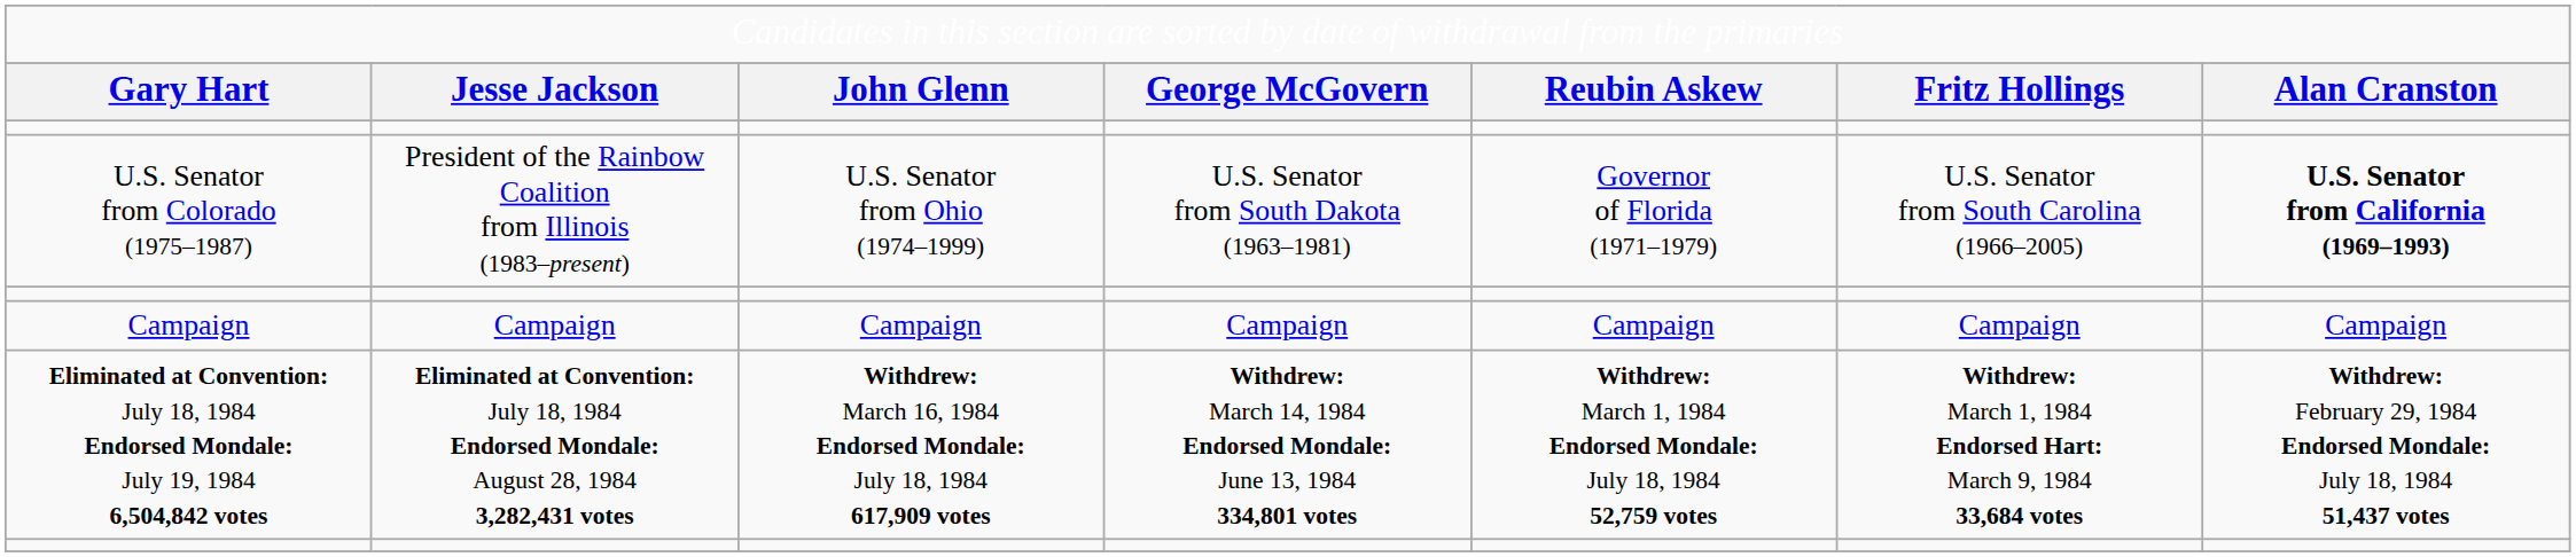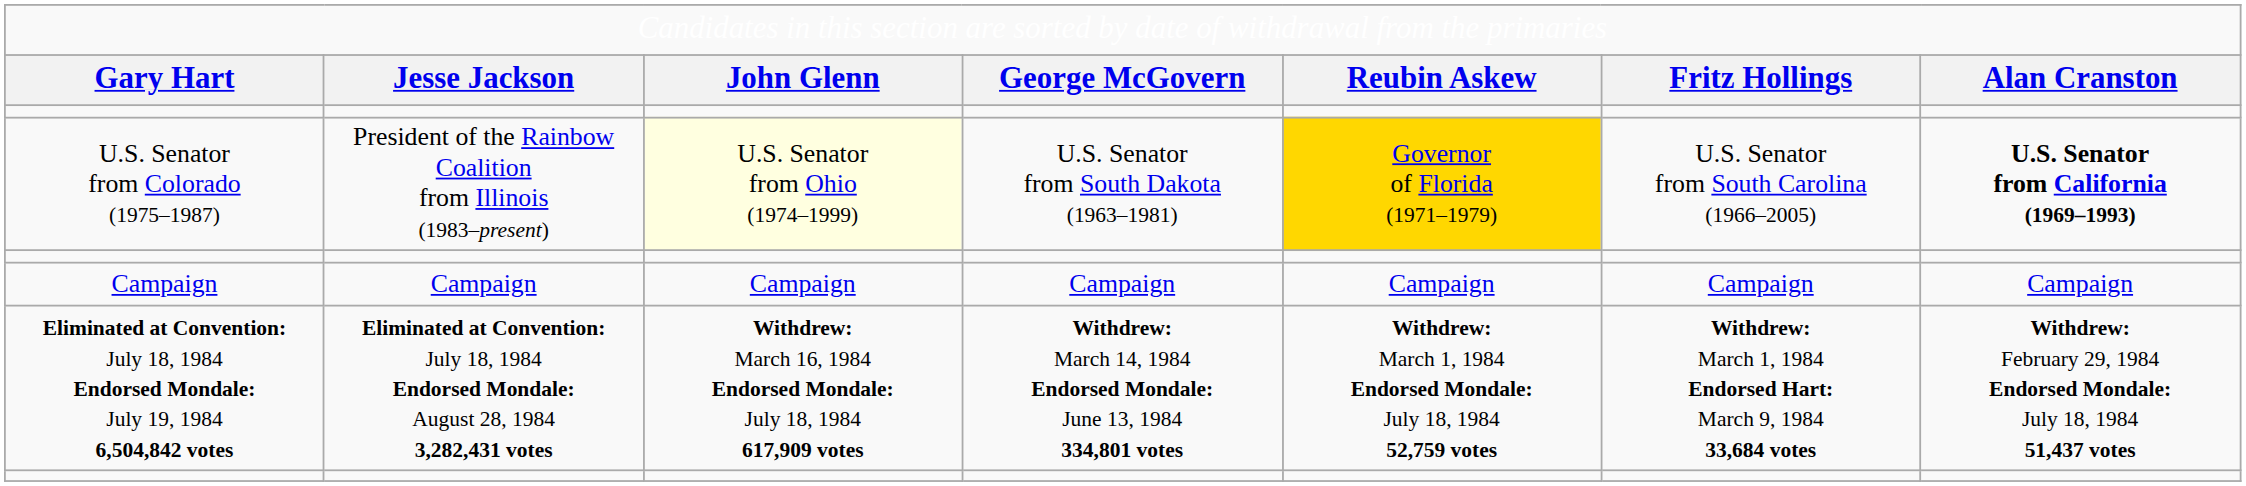 <table class="wikitable mw-collapsible" style="font-size:90%;">
 <tr>
 <td colspan="9" style="text-align:center; width:700px; font-size:120%; color:white; background:"><em>Candidates in this section are sorted by date of withdrawal from the primaries</em></td>
 </tr>
 <tr style="text-align:center">
 <th scope="col" style="width:10em; font-size:120%;"><a href='#'>Gary Hart</a></th>
 <th scope="col" style="width:10em; font-size:120%;"><a href='#'>Jesse Jackson</a></th>
 <th scope="col" style="width:10em; font-size:120%;"><a href='#'>John Glenn</a></th>
 <th scope="col" style="width:10em; font-size:120%;"><a href='#'>George McGovern</a></th>
 <th scope="col" style="width:10em; font-size:120%;"><a href='#'>Reubin Askew</a></th>
 <th scope="col" style="width:10em; font-size:120%;"><a href='#'>Fritz Hollings</a></th>
 <th scope="col" style="width:10em; font-size:120%;"><a href='#'>Alan Cranston</a></th>
 </tr>
 <tr style="text-align:center">
 <td></td>
 <td></td>
 <td></td>
 <td></td>
 <td></td>
 <td></td>
 <td></td>
 </tr>
 <tr style="text-align:center">
 <td>U.S. Senator<br>from <a href='#'>Colorado</a><br><small>(1975–1987)</small></td>
 <td>President of the <a href='#'>Rainbow Coalition</a><br>from <a href='#'>Illinois</a><br> <small>(1983–<em>present</em>) </small></td>
-<td>U.S. Senator<br>from <a href='#'>Ohio</a><br><small>(1974–1999)</small></td>
+<td style="background: lightyellow;">U.S. Senator<br>from <a href='#'>Ohio</a><br><small>(1974–1999)</small></td>
 <td>U.S. Senator<br>from <a href='#'>South Dakota</a><br><small>(1963–1981)</small></td>
-<td><a href='#'>Governor</a><br>of <a href='#'>Florida</a><br><small>(1971–1979)</small></td>
+<td style="background: gold;"><a href='#'>Governor</a><br>of <a href='#'>Florida</a><br><small>(1971–1979)</small></td>
 <td>U.S. Senator<br>from <a href='#'>South Carolina</a><br><small>(1966–2005)</small></td>
 <td><strong>U.S. Senator<br>from <a href='#'>California</a><br><small>(1969–1993)</small></strong></td>
 </tr>
 <tr style="text-align:center">
 <td></td>
 <td></td>
 <td></td>
 <td></td>
 <td></td>
 <td></td>
 <td></td>
 </tr>
 <tr style="text-align:center">
 <td><a href='#'>Campaign</a></td>
 <td><a href='#'>Campaign</a></td>
 <td><a href='#'>Campaign</a></td>
 <td><a href='#'>Campaign</a></td>
 <td><a href='#'>Campaign</a></td>
 <td><a href='#'>Campaign</a></td>
 <td><a href='#'>Campaign</a></td>
 </tr>
 <tr style="text-align:center">
 <td><small><strong>Eliminated at Convention:</strong><br>July 18, 1984</small><br><small><strong>Endorsed Mondale:</strong><br>July 19, 1984</small><br><strong><small>6,504,842 votes</small></strong></td>
 <td><small><strong>Eliminated at Convention:</strong><br>July 18, 1984</small><br><small><strong>Endorsed Mondale:</strong><br>August 28, 1984</small><br><strong><small>3,282,431 votes</small></strong></td>
 <td><small><strong>Withdrew:</strong><br>March 16, 1984</small><br><small><strong>Endorsed Mondale:</strong><br>July 18, 1984</small><br><strong><small>617,909 votes</small></strong></td>
 <td><small><strong>Withdrew:</strong><br>March 14, 1984</small><br><small><strong>Endorsed Mondale:</strong><br>June 13, 1984</small><br><strong><small>334,801 votes</small></strong></td>
 <td><small><strong>Withdrew:</strong><br>March 1, 1984</small><br><small><strong>Endorsed Mondale:</strong><br>July 18, 1984</small><br><strong><small>52,759 votes</small></strong></td>
 <td><small><strong>Withdrew:</strong><br>March 1, 1984</small><br><small><strong>Endorsed Hart:</strong><br>March 9, 1984</small><br><strong><small>33,684 votes</small></strong></td>
 <td><small><strong>Withdrew:</strong><br>February 29, 1984</small><br><small><strong>Endorsed Mondale:</strong><br>July 18, 1984</small><br><strong><small>51,437 votes</small></strong></td>
 </tr>
 <tr>
 <td></td>
 <td></td>
 <td></td>
 <td></td>
 <td></td>
 <td></td>
 <td></td>
 </tr>
 </table>
